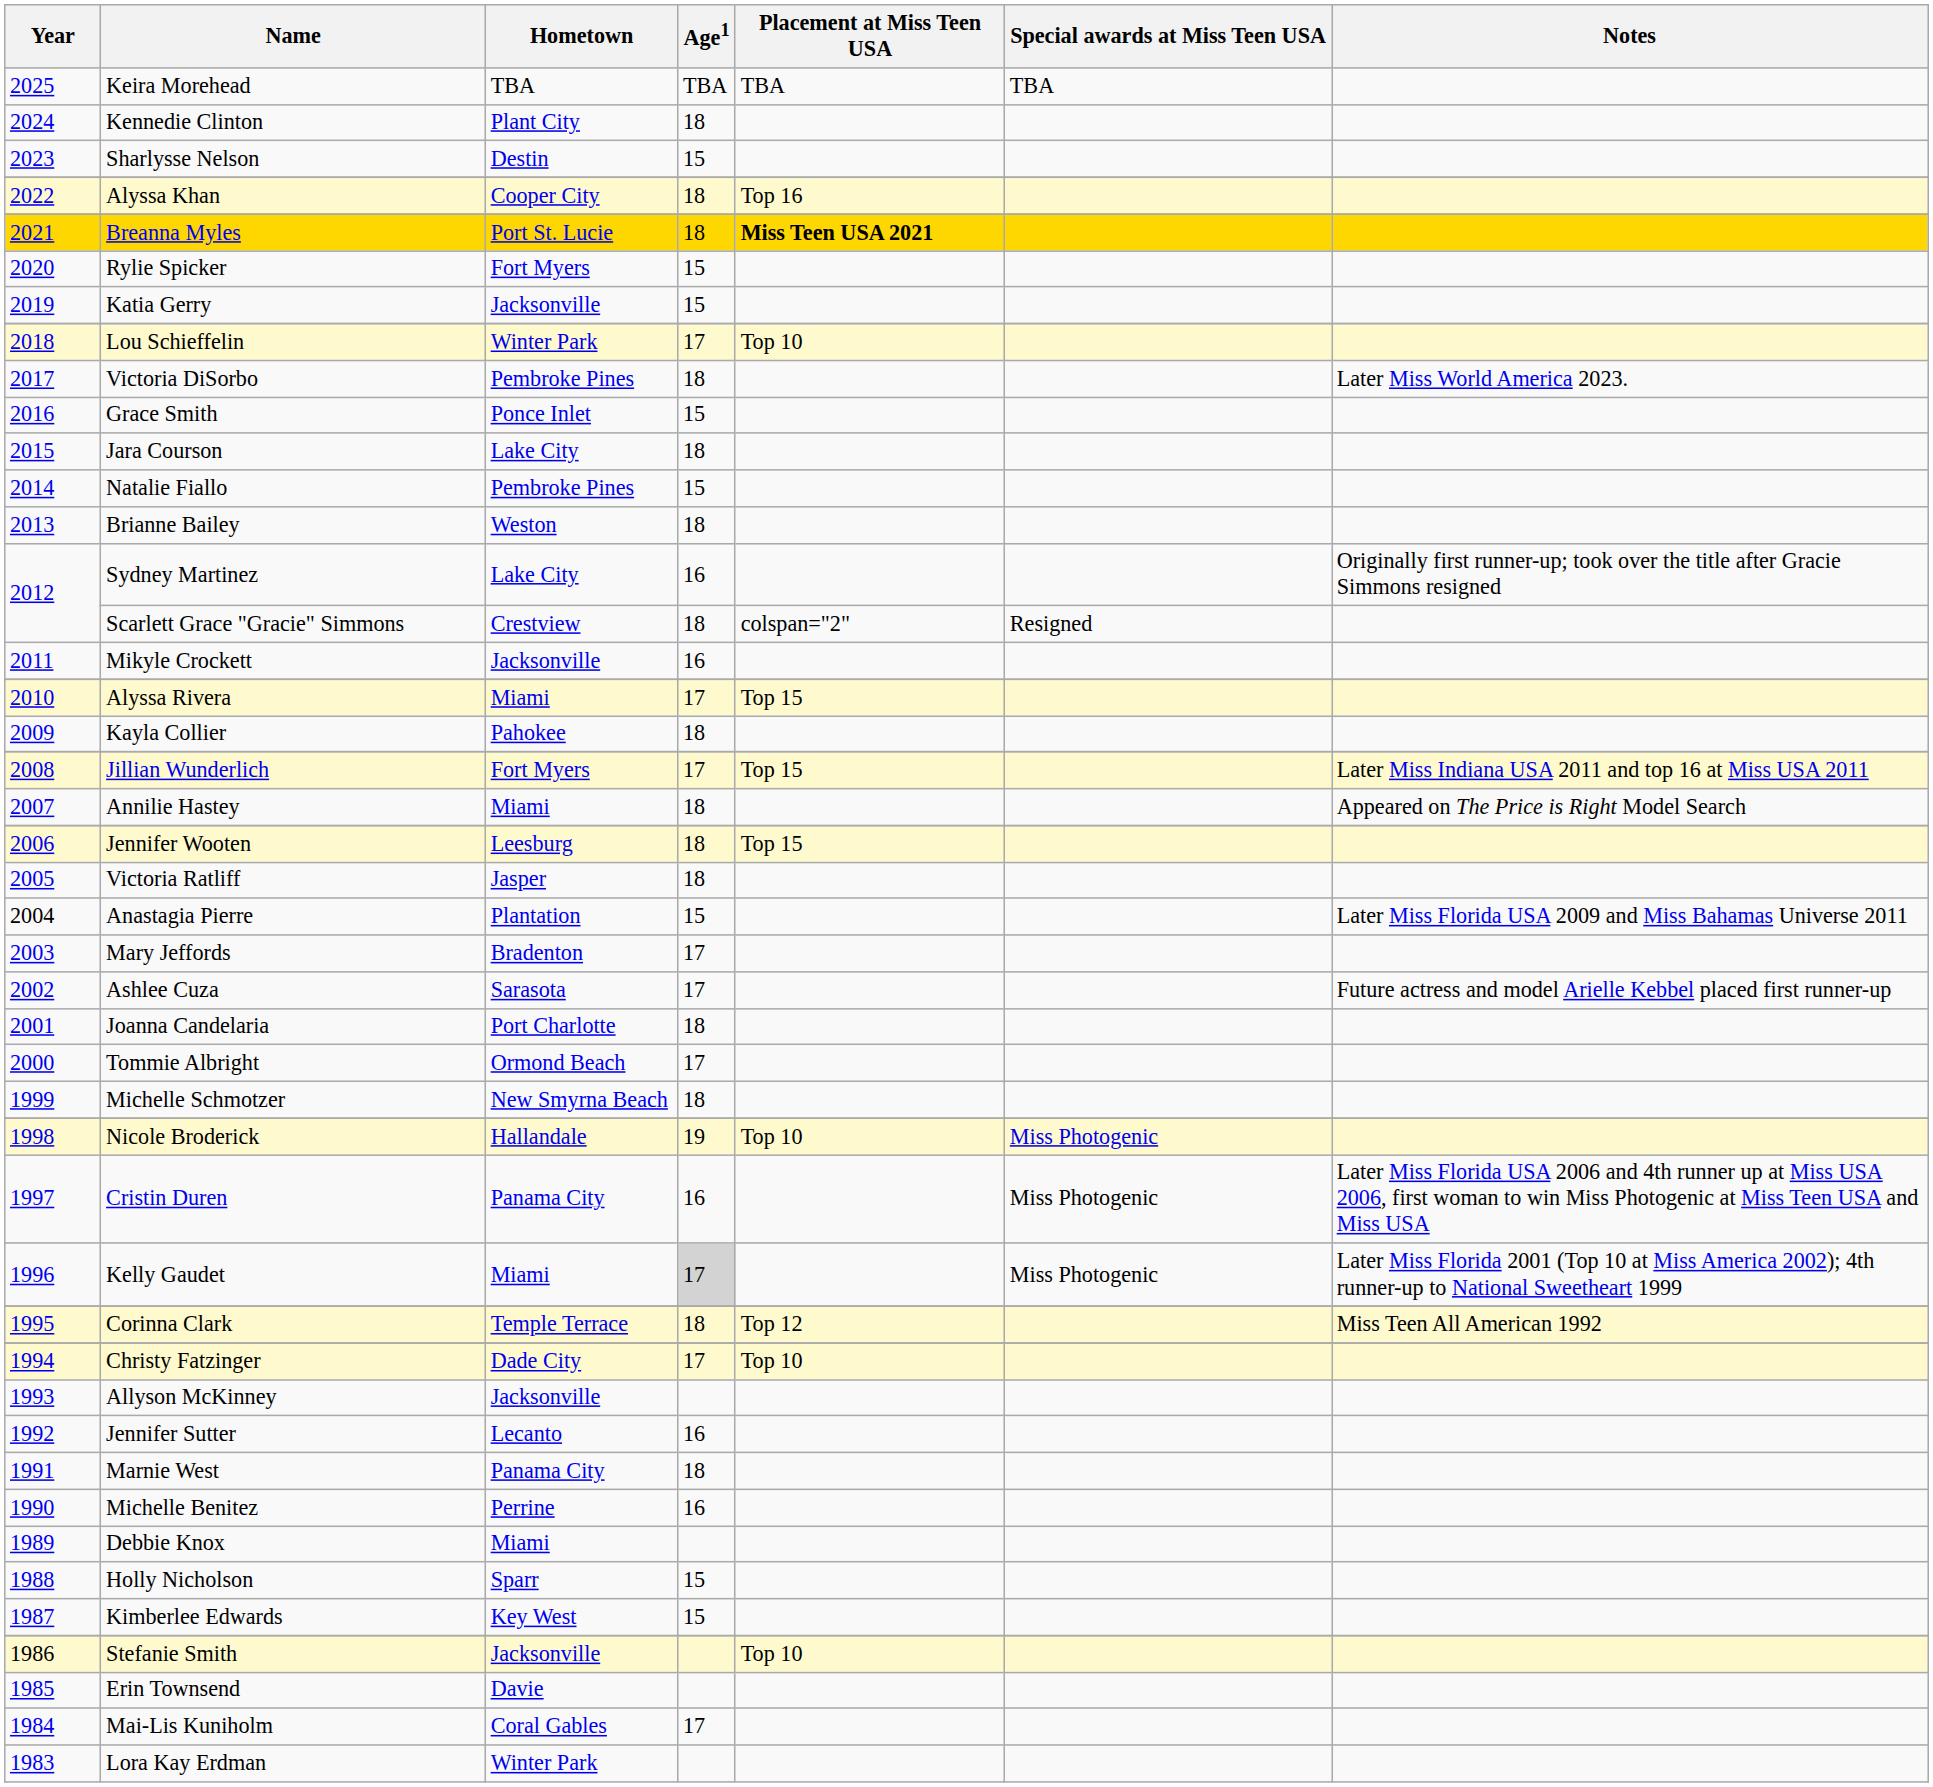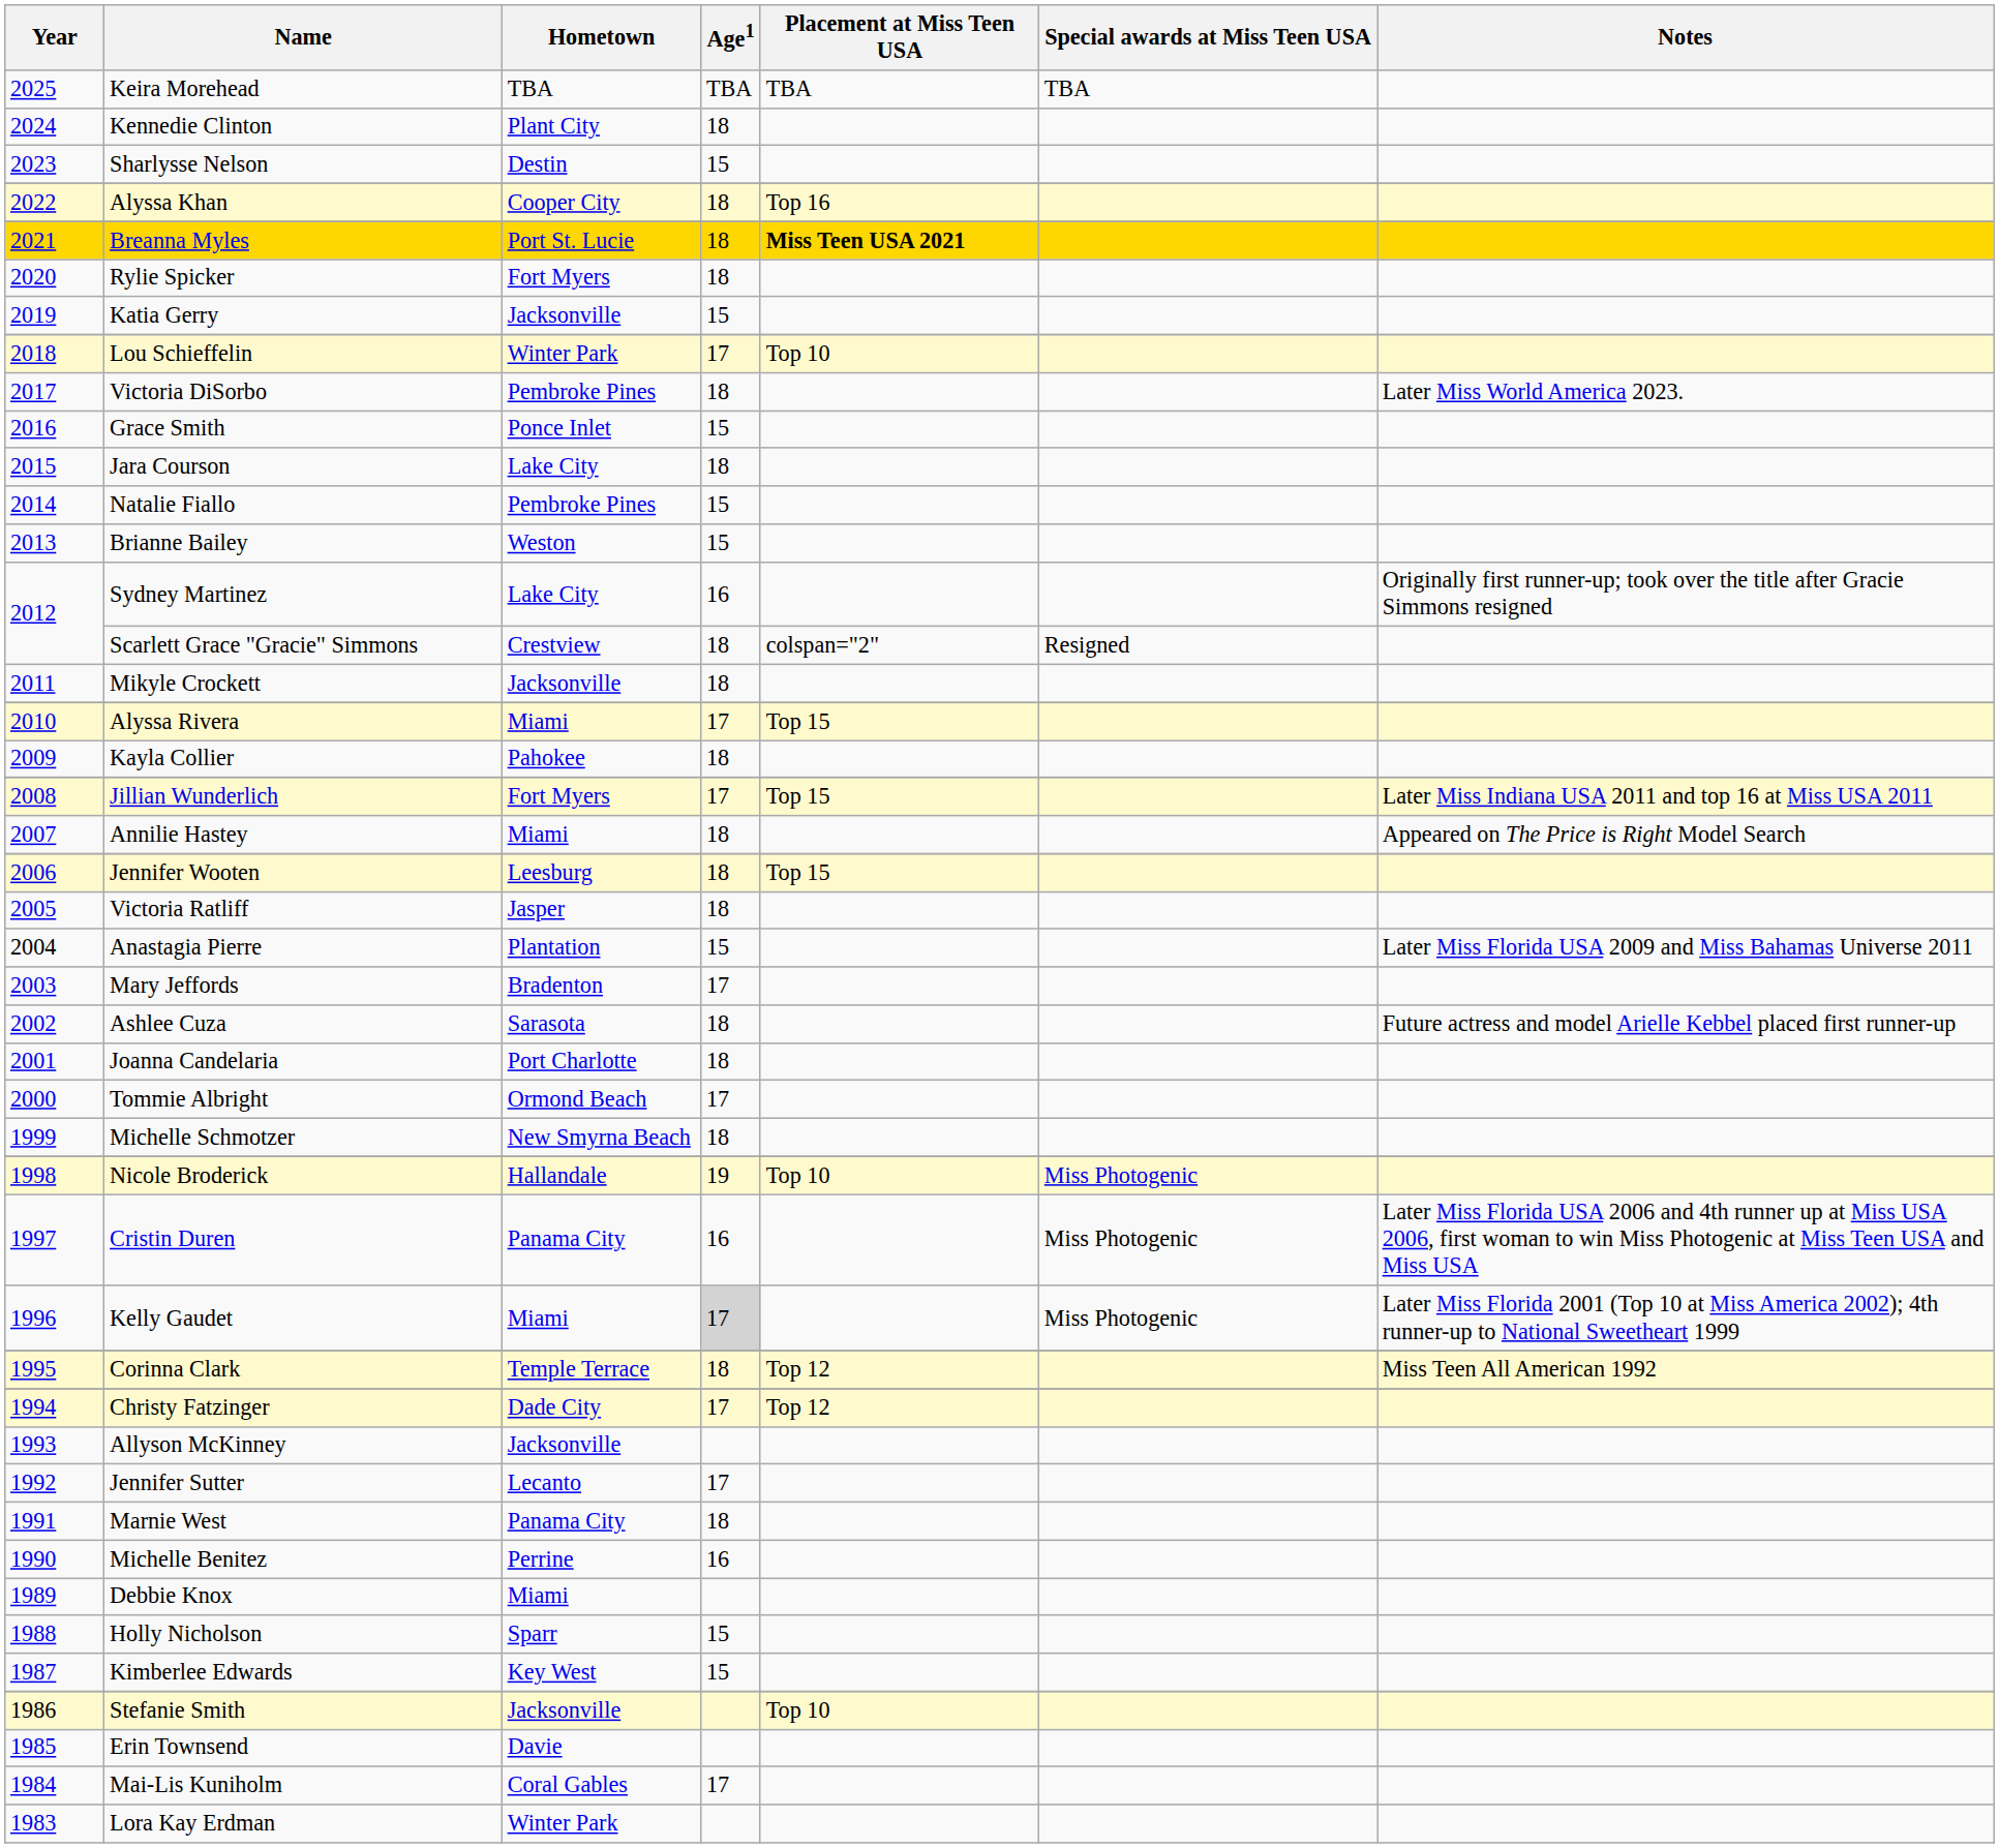 <table class="wikitable"style="font-size:90%;">
 <tr bgcolor="#efefef">
 <th width=5%>Year</th>
 <th width=20%>Name</th>
 <th width=10%>Hometown</th>
 <th width=3%>Age<sup>1</sup></th>
 <th width=14%>Placement at Miss Teen USA</th>
 <th width=17%>Special awards at Miss Teen  USA</th>
 <th width=31%>Notes</th>
 </tr>
 <tr>
 <td><a href='#'>2025</a></td>
 <td>Keira Morehead</td>
 <td>TBA</td>
 <td>TBA</td>
 <td>TBA</td>
 <td>TBA</td>
 <td></td>
 </tr>
 <tr>
 <td><a href='#'>2024</a></td>
 <td>Kennedie Clinton</td>
 <td><a href='#'>Plant City</a></td>
 <td>18</td>
 <td></td>
 <td></td>
 <td></td>
 </tr>
 <tr>
 <td><a href='#'>2023</a></td>
 <td>Sharlysse Nelson</td>
 <td><a href='#'>Destin</a></td>
 <td>15</td>
 <td></td>
 <td></td>
 <td></td>
 </tr>
 <tr>
 </tr>
 <tr style="background-color:#FFFACD;">
 <td><a href='#'>2022</a></td>
 <td>Alyssa Khan</td>
 <td><a href='#'>Cooper City</a></td>
 <td>18</td>
 <td>Top 16</td>
 <td></td>
 <td></td>
 </tr>
 <tr>
 </tr>
 <tr style="background-color:Gold">
 <td><a href='#'>2021</a></td>
 <td><a href='#'>Breanna Myles</a></td>
 <td><a href='#'>Port St. Lucie</a></td>
 <td>18</td>
 <td><strong>Miss Teen USA 2021</strong></td>
 <td></td>
 <td></td>
 </tr>
 <tr>
 <td><a href='#'>2020</a></td>
 <td>Rylie Spicker</td>
 <td><a href='#'>Fort Myers</a></td>
-<td>15</td>
+<td>18</td>
 <td></td>
 <td></td>
 <td></td>
 </tr>
 <tr>
 <td><a href='#'>2019</a></td>
 <td>Katia Gerry</td>
 <td><a href='#'>Jacksonville</a></td>
 <td>15</td>
 <td></td>
 <td></td>
 <td></td>
 </tr>
 <tr>
 </tr>
 <tr style="background-color:#FFFACD;">
 <td><a href='#'>2018</a></td>
 <td>Lou Schieffelin</td>
 <td><a href='#'>Winter Park</a></td>
 <td>17</td>
 <td>Top 10</td>
 <td></td>
 <td></td>
 </tr>
 <tr>
 <td><a href='#'>2017</a></td>
 <td>Victoria DiSorbo</td>
 <td><a href='#'>Pembroke Pines</a></td>
 <td>18</td>
 <td></td>
 <td></td>
 <td>Later <a href='#'>Miss World America</a> 2023.</td>
 </tr>
 <tr>
 <td><a href='#'>2016</a></td>
 <td>Grace Smith</td>
 <td><a href='#'>Ponce Inlet</a></td>
 <td>15</td>
 <td></td>
 <td></td>
 <td></td>
 </tr>
 <tr>
 <td><a href='#'>2015</a></td>
 <td>Jara Courson</td>
 <td><a href='#'>Lake City</a></td>
 <td>18</td>
 <td></td>
 <td></td>
 <td></td>
 </tr>
 <tr>
 <td><a href='#'>2014</a></td>
 <td>Natalie Fiallo</td>
 <td><a href='#'>Pembroke Pines</a></td>
 <td>15</td>
 <td></td>
 <td></td>
 <td></td>
 </tr>
 <tr>
 <td><a href='#'>2013</a></td>
 <td>Brianne Bailey</td>
 <td><a href='#'>Weston</a></td>
-<td>18</td>
+<td>15</td>
 <td></td>
 <td></td>
 <td></td>
 </tr>
 <tr>
 <td rowspan=2><a href='#'>2012</a></td>
 <td>Sydney Martinez</td>
 <td><a href='#'>Lake City</a></td>
 <td>16</td>
 <td></td>
 <td></td>
 <td>Originally first runner-up; took over the title after Gracie Simmons resigned</td>
 </tr>
 <tr>
 <td>Scarlett Grace "Gracie" Simmons</td>
 <td><a href='#'>Crestview</a></td>
 <td>18</td>
 <td>colspan="2" </td>
 <td>Resigned</td>
 </tr>
 <tr>
 <td><a href='#'>2011</a></td>
 <td>Mikyle Crockett</td>
 <td><a href='#'>Jacksonville</a></td>
-<td>16</td>
+<td>18</td>
 <td></td>
 <td></td>
 <td></td>
 </tr>
 <tr>
 </tr>
 <tr style="background-color:#FFFACD;">
 <td><a href='#'>2010</a></td>
 <td>Alyssa Rivera</td>
 <td><a href='#'>Miami</a></td>
 <td>17</td>
 <td>Top 15</td>
 <td></td>
 <td></td>
 </tr>
 <tr>
 <td><a href='#'>2009</a></td>
 <td>Kayla Collier</td>
 <td><a href='#'>Pahokee</a></td>
 <td>18</td>
 <td></td>
 <td></td>
 <td></td>
 </tr>
 <tr>
 </tr>
 <tr style="background-color:#FFFACD;">
 <td><a href='#'>2008</a></td>
 <td><a href='#'>Jillian Wunderlich</a></td>
 <td><a href='#'>Fort Myers</a></td>
 <td>17</td>
 <td>Top 15</td>
 <td></td>
 <td>Later <a href='#'>Miss Indiana USA</a> 2011 and top 16 at <a href='#'>Miss USA 2011</a></td>
 </tr>
 <tr>
 <td><a href='#'>2007</a></td>
 <td>Annilie Hastey</td>
 <td><a href='#'>Miami</a></td>
 <td>18</td>
 <td></td>
 <td></td>
 <td>Appeared on <em>The Price is Right</em> Model Search</td>
 </tr>
 <tr>
 </tr>
 <tr style="background-color:#FFFACD;">
 <td><a href='#'>2006</a></td>
 <td>Jennifer Wooten</td>
 <td><a href='#'>Leesburg</a></td>
 <td>18</td>
 <td>Top 15</td>
 <td></td>
 <td></td>
 </tr>
 <tr>
 <td><a href='#'>2005</a></td>
 <td>Victoria Ratliff</td>
 <td><a href='#'>Jasper</a></td>
 <td>18</td>
 <td></td>
 <td></td>
 <td></td>
 </tr>
 <tr>
 <td>2004</td>
 <td>Anastagia Pierre</td>
 <td><a href='#'>Plantation</a></td>
 <td>15</td>
 <td></td>
 <td></td>
 <td>Later <a href='#'>Miss Florida USA</a> 2009 and  <a href='#'>Miss Bahamas</a> Universe 2011</td>
 </tr>
 <tr>
 <td><a href='#'>2003</a></td>
 <td>Mary Jeffords</td>
 <td><a href='#'>Bradenton</a></td>
 <td>17</td>
 <td></td>
 <td></td>
 <td></td>
 </tr>
 <tr>
 <td><a href='#'>2002</a></td>
 <td>Ashlee Cuza</td>
 <td><a href='#'>Sarasota</a></td>
-<td>17</td>
+<td>18</td>
 <td></td>
 <td></td>
 <td>Future actress and model <a href='#'>Arielle Kebbel</a> placed first runner-up</td>
 </tr>
 <tr>
 <td><a href='#'>2001</a></td>
 <td>Joanna Candelaria</td>
 <td><a href='#'>Port Charlotte</a></td>
 <td>18</td>
 <td></td>
 <td></td>
 <td></td>
 </tr>
 <tr>
 <td><a href='#'>2000</a></td>
 <td>Tommie Albright</td>
 <td><a href='#'>Ormond Beach</a></td>
 <td>17</td>
 <td></td>
 <td></td>
 <td></td>
 </tr>
 <tr>
 <td><a href='#'>1999</a></td>
 <td>Michelle Schmotzer</td>
 <td><a href='#'>New Smyrna Beach</a></td>
 <td>18</td>
 <td></td>
 <td></td>
 <td></td>
 </tr>
 <tr>
 </tr>
 <tr style="background-color:#FFFACD;">
 <td><a href='#'>1998</a></td>
 <td>Nicole Broderick</td>
 <td><a href='#'>Hallandale</a></td>
 <td>19</td>
 <td>Top 10</td>
 <td><a href='#'>Miss Photogenic</a></td>
 <td></td>
 </tr>
 <tr>
 <td><a href='#'>1997</a></td>
 <td><a href='#'>Cristin Duren</a></td>
 <td><a href='#'>Panama City</a></td>
 <td>16</td>
 <td></td>
 <td>Miss Photogenic</td>
 <td>Later <a href='#'>Miss Florida USA</a> 2006 and 4th runner up at <a href='#'>Miss USA 2006</a>, first woman to win Miss Photogenic at <a href='#'>Miss Teen USA</a> and <a href='#'>Miss USA</a></td>
 </tr>
 <tr>
 <td><a href='#'>1996</a></td>
 <td>Kelly Gaudet</td>
 <td><a href='#'>Miami</a></td>
 <td style="background: lightgrey;">17</td>
 <td></td>
 <td>Miss Photogenic</td>
 <td>Later <a href='#'>Miss Florida</a> 2001 (Top 10 at <a href='#'>Miss America 2002</a>); 4th runner-up to <a href='#'>National Sweetheart</a> 1999</td>
 </tr>
 <tr>
 </tr>
 <tr style="background-color:#FFFACD;">
 <td><a href='#'>1995</a></td>
 <td>Corinna Clark</td>
 <td><a href='#'>Temple Terrace</a></td>
 <td>18</td>
 <td>Top 12</td>
 <td></td>
 <td>Miss Teen All American 1992</td>
 </tr>
 <tr>
 </tr>
 <tr style="background-color:#FFFACD;">
 <td><a href='#'>1994</a></td>
 <td>Christy Fatzinger</td>
 <td><a href='#'>Dade City</a></td>
 <td>17</td>
-<td>Top 10</td>
+<td>Top 12</td>
 <td></td>
 <td></td>
 </tr>
 <tr>
 <td><a href='#'>1993</a></td>
 <td>Allyson McKinney</td>
 <td><a href='#'>Jacksonville</a></td>
 <td></td>
 <td></td>
 <td></td>
 <td></td>
 </tr>
 <tr>
 <td><a href='#'>1992</a></td>
 <td>Jennifer Sutter</td>
 <td><a href='#'>Lecanto</a></td>
-<td>16</td>
+<td>17</td>
 <td></td>
 <td></td>
 <td></td>
 </tr>
 <tr>
 <td><a href='#'>1991</a></td>
 <td>Marnie West</td>
 <td><a href='#'>Panama City</a></td>
 <td>18</td>
 <td></td>
 <td></td>
 <td></td>
 </tr>
 <tr>
 <td><a href='#'>1990</a></td>
 <td>Michelle Benitez</td>
 <td><a href='#'>Perrine</a></td>
 <td>16</td>
 <td></td>
 <td></td>
 <td></td>
 </tr>
 <tr>
 <td><a href='#'>1989</a></td>
 <td>Debbie Knox</td>
 <td><a href='#'>Miami</a></td>
 <td></td>
 <td></td>
 <td></td>
 <td></td>
 </tr>
 <tr>
 <td><a href='#'>1988</a></td>
 <td>Holly Nicholson</td>
 <td><a href='#'>Sparr</a></td>
 <td>15</td>
 <td></td>
 <td></td>
 <td></td>
 </tr>
 <tr>
 <td><a href='#'>1987</a></td>
 <td>Kimberlee Edwards</td>
 <td><a href='#'>Key West</a></td>
 <td>15</td>
 <td></td>
 <td></td>
 <td></td>
 </tr>
 <tr>
 </tr>
 <tr style="background-color:#FFFACD;">
 <td>1986</td>
 <td>Stefanie Smith</td>
 <td><a href='#'>Jacksonville</a></td>
 <td></td>
 <td>Top 10</td>
 <td></td>
 <td></td>
 </tr>
 <tr>
 <td><a href='#'>1985</a></td>
 <td>Erin Townsend</td>
 <td><a href='#'>Davie</a></td>
 <td></td>
 <td></td>
 <td></td>
 <td></td>
 </tr>
 <tr>
 <td><a href='#'>1984</a></td>
 <td>Mai-Lis Kuniholm</td>
 <td><a href='#'>Coral Gables</a></td>
 <td>17</td>
 <td></td>
 <td></td>
 <td></td>
 </tr>
 <tr>
 <td><a href='#'>1983</a></td>
 <td>Lora Kay Erdman</td>
 <td><a href='#'>Winter Park</a></td>
 <td></td>
 <td></td>
 <td></td>
 <td></td>
 </tr>
 </table>
